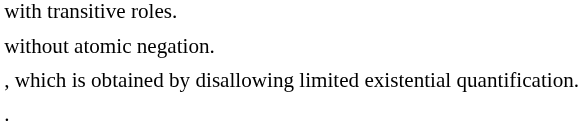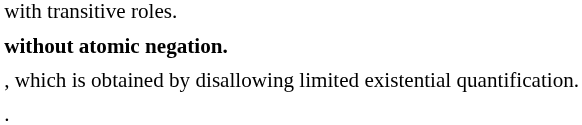 <table>
 <tr>
 <td></td>
 <td> with transitive roles.</td>
 </tr>
 <tr>
 <td></td>
 <td></td>
 </tr>
 <tr>
 <td></td>
-<td> without atomic negation.</td>
+<td><strong> without atomic negation.</strong></td>
 </tr>
 <tr>
 <td></td>
 <td></td>
 </tr>
 <tr>
 <td></td>
 <td>, which is obtained by disallowing limited existential quantification.</td>
 </tr>
 <tr>
 <td></td>
 <td></td>
 </tr>
 <tr>
 <td></td>
 <td>.</td>
 </tr>
 </table>
